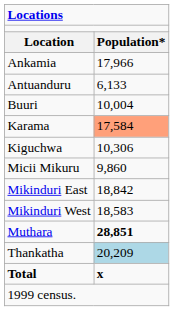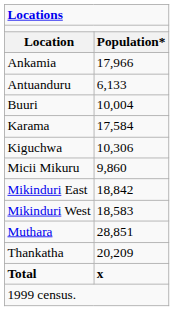 <table class="wikitable">
 <tr>
 <td colspan="2"><strong><a href='#'>Locations</a></strong></td>
 </tr>
 <tr>
 <td colspan="2"></td>
 </tr>
 <tr>
 <th>Location</th>
 <th>Population*</th>
 </tr>
 <tr>
 <td>Ankamia</td>
 <td>17,966</td>
 </tr>
 <tr>
 <td>Antuanduru</td>
 <td>6,133</td>
 </tr>
 <tr>
 <td>Buuri</td>
 <td>10,004</td>
 </tr>
 <tr>
 <td>Karama</td>
-<td style="background: lightsalmon;">17,584</td>
+<td>17,584</td>
 </tr>
 <tr>
 <td>Kiguchwa</td>
 <td>10,306</td>
 </tr>
 <tr>
 <td>Micii Mikuru</td>
 <td>9,860</td>
 </tr>
 <tr>
 <td><a href='#'>Mikinduri</a> East</td>
 <td>18,842</td>
 </tr>
 <tr>
 <td><a href='#'>Mikinduri</a> West</td>
 <td>18,583</td>
 </tr>
 <tr>
 <td><a href='#'>Muthara</a></td>
-<td><strong>28,851</strong></td>
+<td>28,851</td>
 </tr>
 <tr>
 <td>Thankatha</td>
-<td style="background: lightblue;">20,209</td>
+<td>20,209</td>
 </tr>
 <tr>
 <td><strong>Total</strong></td>
 <td><strong>x</strong></td>
 </tr>
 <tr>
 <td colspan="2">1999 census.</td>
 </tr>
 </table>
